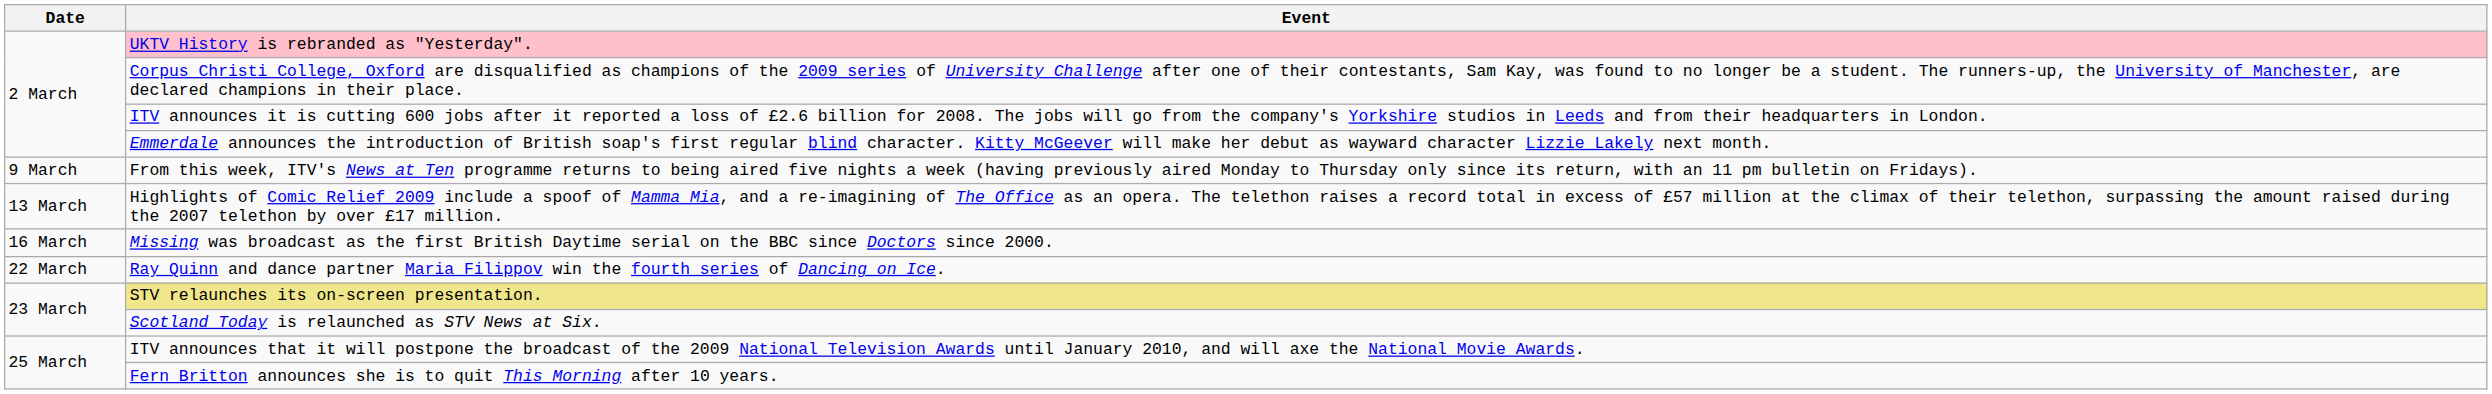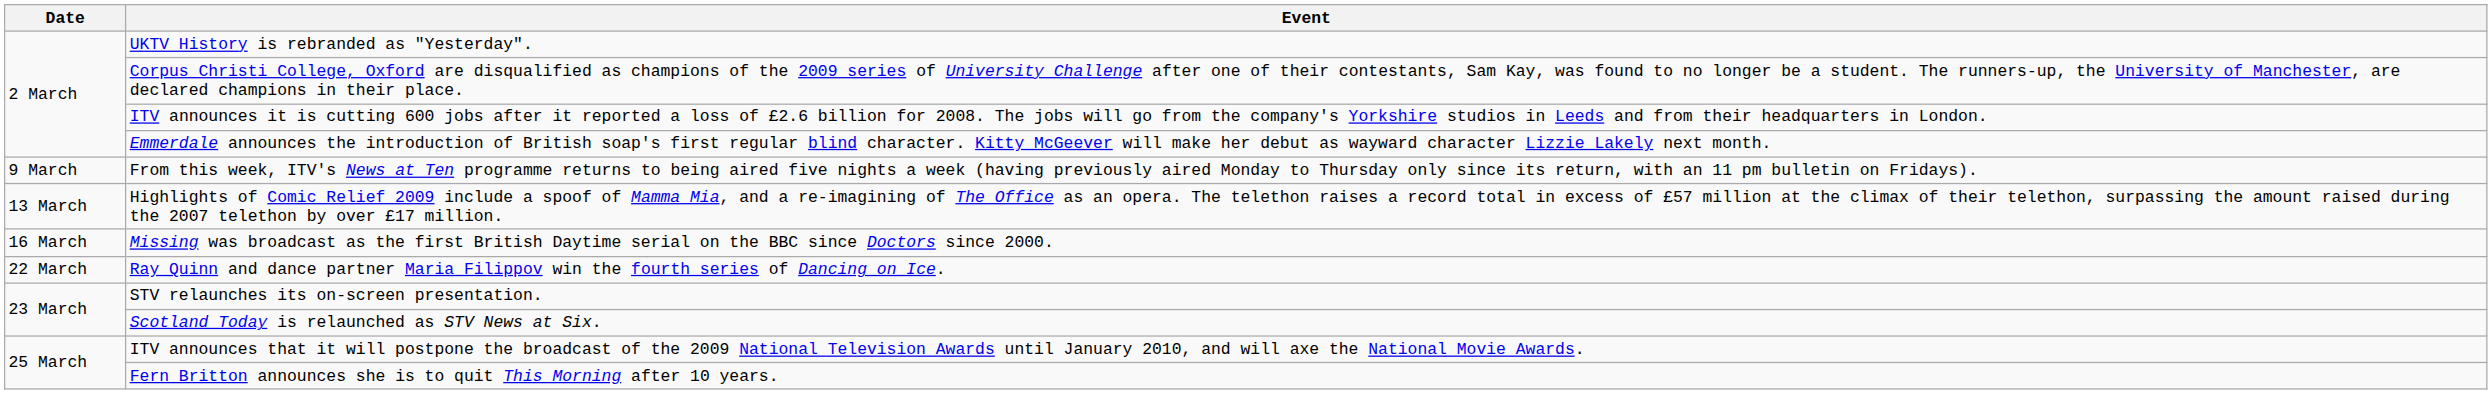 <table class="wikitable">
 <tr>
 <th width=90>Date</th>
 <th>Event</th>
 </tr>
 <tr>
 <td rowspan=4>2 March</td>
-<td style="background: pink;"><a href='#'>UKTV History</a> is rebranded as "Yesterday".</td>
+<td><a href='#'>UKTV History</a> is rebranded as "Yesterday".</td>
 </tr>
 <tr>
 <td><a href='#'>Corpus Christi College, Oxford</a> are disqualified as champions of the <a href='#'>2009 series</a> of <em><a href='#'>University Challenge</a></em> after one of their contestants, Sam Kay, was found to no longer be a student. The runners-up, the <a href='#'>University of Manchester</a>, are declared champions in their place.</td>
 </tr>
 <tr>
 <td><a href='#'>ITV</a> announces it is cutting 600 jobs after it reported a loss of £2.6 billion for 2008. The jobs will go from the company's <a href='#'>Yorkshire</a> studios in <a href='#'>Leeds</a> and from their headquarters in London.</td>
 </tr>
 <tr>
 <td><em><a href='#'>Emmerdale</a></em> announces the introduction of British soap's first regular <a href='#'>blind</a> character. <a href='#'>Kitty McGeever</a> will make her debut as wayward character <a href='#'>Lizzie Lakely</a> next month.</td>
 </tr>
 <tr>
 <td>9 March</td>
 <td>From this week, ITV's <em><a href='#'>News at Ten</a></em> programme returns to being aired five nights a week (having previously aired Monday to Thursday only since its return, with an 11 pm bulletin on Fridays).</td>
 </tr>
 <tr>
 <td>13 March</td>
 <td>Highlights of <a href='#'>Comic Relief 2009</a> include a spoof of <em><a href='#'>Mamma Mia</a></em>, and a re-imagining of <em><a href='#'>The Office</a></em> as an opera. The telethon raises a record total in excess of £57 million at the climax of their telethon, surpassing the amount raised during the 2007 telethon by over £17 million.</td>
 </tr>
 <tr>
 <td>16 March</td>
 <td><em><a href='#'>Missing</a></em> was broadcast as the first British Daytime serial on the BBC since <em><a href='#'>Doctors</a></em> since 2000.</td>
 </tr>
 <tr>
 <td>22 March</td>
 <td><a href='#'>Ray Quinn</a> and dance partner <a href='#'>Maria Filippov</a> win the <a href='#'>fourth series</a> of <em><a href='#'>Dancing on Ice</a></em>.</td>
 </tr>
 <tr>
 <td rowspan=2>23 March</td>
-<td style="background: khaki;">STV relaunches its on-screen presentation.</td>
+<td>STV relaunches its on-screen presentation.</td>
 </tr>
 <tr>
 <td><em><a href='#'>Scotland Today</a></em> is relaunched as <em>STV News at Six</em>.</td>
 </tr>
 <tr>
 <td rowspan=2>25 March</td>
 <td>ITV announces that it will postpone the broadcast of the 2009 <a href='#'>National Television Awards</a> until January 2010, and will axe the <a href='#'>National Movie Awards</a>.</td>
 </tr>
 <tr>
 <td><a href='#'>Fern Britton</a> announces she is to quit <em><a href='#'>This Morning</a></em> after 10 years.</td>
 </tr>
 </table>
